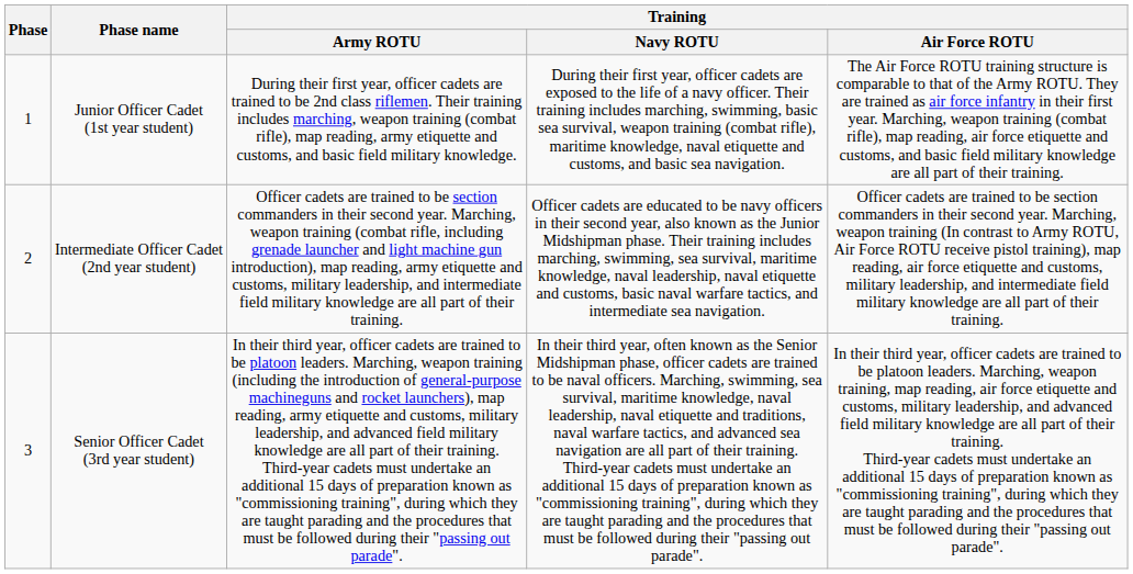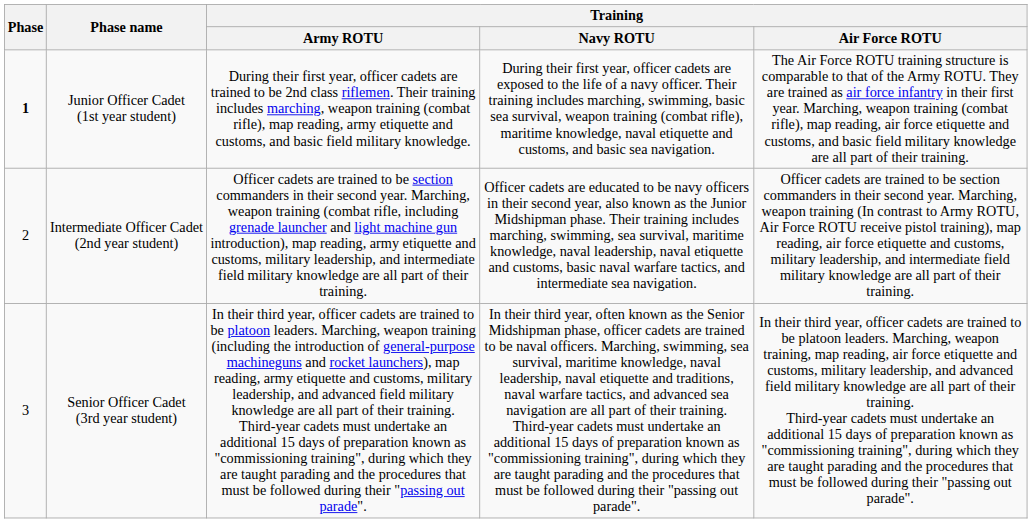 <table class="wikitable" style=text-align:center>
 <tr>
 <th rowspan="2">Phase</th>
 <th rowspan="2">Phase name</th>
 <th colspan="3">Training</th>
 </tr>
 <tr>
 <th style="width: 300px;">Army ROTU</th>
 <th style="width: 300px;">Navy ROTU</th>
 <th style="width: 300px;">Air Force ROTU</th>
 </tr>
 <tr>
-<td>1</td>
+<td><strong>1</strong></td>
 <td>Junior Officer Cadet<br>(1st year student)</td>
 <td>During their first year, officer cadets are trained to be 2nd class <a href='#'>riflemen</a>. Their training includes <a href='#'>marching</a>, weapon training (combat rifle), map reading, army etiquette and customs, and basic field military knowledge.</td>
 <td>During their first year, officer cadets are exposed to the life of a navy officer. Their training includes marching, swimming, basic sea survival, weapon training (combat rifle), maritime knowledge, naval etiquette and customs, and basic sea navigation.</td>
 <td>The Air Force ROTU training structure is comparable to that of the Army ROTU. They are trained as <a href='#'>air force infantry</a> in their first year. Marching, weapon training (combat rifle), map reading, air force etiquette and customs, and basic field military knowledge are all part of their training.</td>
 </tr>
 <tr>
 <td>2</td>
 <td>Intermediate Officer Cadet<br>(2nd year student)</td>
 <td>Officer cadets are trained to be <a href='#'>section</a> commanders in their second year. Marching, weapon training (combat rifle, including <a href='#'>grenade launcher</a> and <a href='#'>light machine gun</a> introduction), map reading, army etiquette and customs, military leadership, and intermediate field military knowledge are all part of their training.</td>
 <td>Officer cadets are educated to be navy officers in their second year, also known as the Junior Midshipman phase. Their training includes marching, swimming, sea survival, maritime knowledge, naval leadership, naval etiquette and customs, basic naval warfare tactics, and intermediate sea navigation.</td>
 <td>Officer cadets are trained to be section commanders in their second year. Marching, weapon training (In contrast to Army ROTU, Air Force ROTU receive pistol training), map reading, air force etiquette and customs, military leadership, and intermediate field military knowledge are all part of their training.</td>
 </tr>
 <tr>
 <td>3</td>
 <td>Senior Officer Cadet<br>(3rd year student)</td>
 <td>In their third year, officer cadets are trained to be <a href='#'>platoon</a> leaders. Marching, weapon training (including the introduction of <a href='#'>general-purpose machineguns</a> and <a href='#'>rocket launchers</a>), map reading, army etiquette and customs, military leadership, and advanced field military knowledge are all part of their training.<br>Third-year cadets must undertake an additional 15 days of preparation known as "commissioning training", during which they are taught parading and the procedures that must be followed during their "<a href='#'>passing out parade</a>".</td>
 <td>In their third year, often known as the Senior Midshipman phase, officer cadets are trained to be naval officers. Marching, swimming, sea survival, maritime knowledge, naval leadership, naval etiquette and traditions, naval warfare tactics, and advanced sea navigation are all part of their training.<br>Third-year cadets must undertake an additional 15 days of preparation known as "commissioning training", during which they are taught parading and the procedures that must be followed during their "passing out parade".</td>
 <td>In their third year, officer cadets are trained to be platoon leaders. Marching, weapon training, map reading, air force etiquette and customs, military leadership, and advanced field military knowledge are all part of their training.<br>Third-year cadets must undertake an additional 15 days of preparation known as "commissioning training", during which they are taught parading and the procedures that must be followed during their "passing out parade".</td>
 </tr>
 </table>
